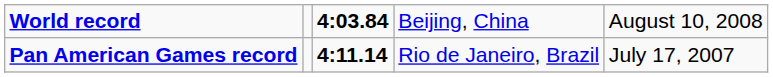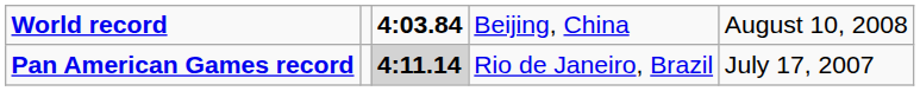 <table class="wikitable">
 <tr>
 <td><strong><a href='#'>World record</a></strong></td>
 <td></td>
 <td><strong>4:03.84</strong></td>
 <td><a href='#'>Beijing</a>, <a href='#'>China</a></td>
 <td>August 10, 2008</td>
 </tr>
 <tr>
 <td><strong><a href='#'>Pan American Games record</a></strong></td>
 <td></td>
-<td><strong>4:11.14</strong></td>
+<td style="background: lightgrey;"><strong>4:11.14</strong></td>
 <td><a href='#'>Rio de Janeiro</a>, <a href='#'>Brazil</a></td>
 <td>July 17, 2007</td>
 </tr>
 </table>
